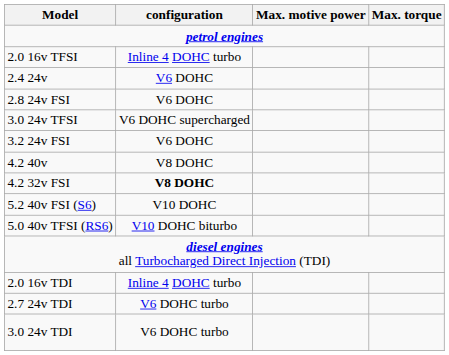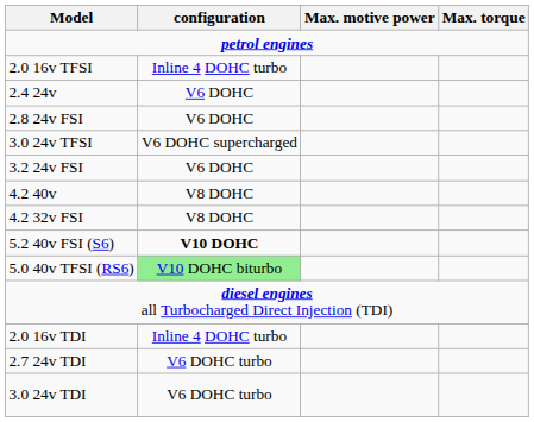 <table class="wikitable" style="text-align:center;">
 <tr>
 <th>Model</th>
 <th>configuration</th>
 <th>Max. motive power</th>
 <th>Max. torque</th>
 </tr>
 <tr>
 <td colspan="4"><strong><em><a href='#'>petrol engines</a></em></strong></td>
 </tr>
 <tr>
 <td align="left">2.0 16v TFSI</td>
 <td><a href='#'>Inline 4</a> <a href='#'>DOHC</a> turbo</td>
 <td></td>
 <td></td>
 </tr>
 <tr>
 <td align="left">2.4 24v</td>
 <td><a href='#'>V6</a> DOHC</td>
 <td></td>
 <td></td>
 </tr>
 <tr>
 <td align="left">2.8 24v FSI</td>
 <td>V6 DOHC</td>
 <td></td>
 <td></td>
 </tr>
 <tr>
 <td align="left">3.0 24v TFSI</td>
 <td>V6 DOHC supercharged</td>
 <td></td>
 <td></td>
 </tr>
 <tr>
 <td align="left">3.2 24v FSI</td>
 <td>V6 DOHC</td>
 <td></td>
 <td></td>
 </tr>
 <tr>
 <td align="left">4.2 40v</td>
 <td>V8 DOHC</td>
 <td></td>
 <td></td>
 </tr>
 <tr>
 <td align="left">4.2 32v FSI</td>
-<td><strong>V8 DOHC</strong></td>
+<td>V8 DOHC</td>
 <td></td>
 <td></td>
 </tr>
 <tr>
 <td align="left">5.2 40v FSI (<a href='#'>S6</a>)</td>
-<td>V10 DOHC</td>
+<td><strong>V10 DOHC</strong></td>
 <td></td>
 <td></td>
 </tr>
 <tr>
 <td align="left">5.0 40v TFSI (<a href='#'>RS6</a>)</td>
-<td><a href='#'>V10</a> DOHC biturbo</td>
+<td style="background: lightgreen;"><a href='#'>V10</a> DOHC biturbo</td>
 <td></td>
 <td></td>
 </tr>
 <tr>
 <td colspan="4"><strong><em><a href='#'>diesel engines</a></em></strong><br>all <a href='#'>Turbocharged Direct Injection</a> (TDI)</td>
 </tr>
 <tr>
 <td align="left">2.0 16v TDI</td>
 <td><a href='#'>Inline 4</a> <a href='#'>DOHC</a> turbo</td>
 <td></td>
 <td></td>
 </tr>
 <tr>
 <td align="left">2.7 24v TDI</td>
 <td><a href='#'>V6</a> DOHC turbo</td>
 <td><br></td>
 <td></td>
 </tr>
 <tr>
 <td align="left">3.0 24v TDI</td>
 <td>V6 DOHC turbo</td>
 <td><br><br></td>
 <td><br><br></td>
 </tr>
 </table>
